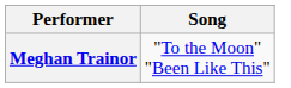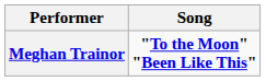 <table class="wikitable unsortable" style="text-align:center;">
 <tr>
 <th scope="col">Performer</th>
 <th scope="col">Song</th>
 </tr>
 <tr>
 <th scope="row"><a href='#'>Meghan Trainor</a></th>
-<td>"<a href='#'>To the Moon</a>"<br>"<a href='#'>Been Like This</a>"</td>
+<td><strong>"<a href='#'>To the Moon</a>"<br>"<a href='#'>Been Like This</a>"</strong></td>
 </tr>
 </table>
